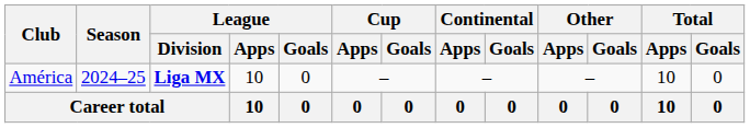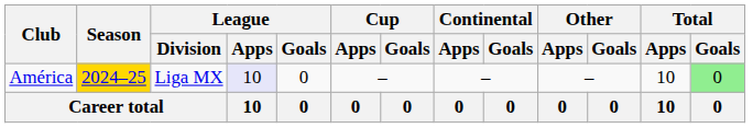 <table class="wikitable" style="text-align: center">
 <tr>
 <th rowspan="2">Club</th>
 <th rowspan="2">Season</th>
 <th colspan="3">League</th>
 <th colspan="2">Cup</th>
 <th colspan="2">Continental</th>
 <th colspan="2">Other</th>
 <th colspan="2">Total</th>
 </tr>
 <tr>
 <th>Division</th>
 <th>Apps</th>
 <th>Goals</th>
 <th>Apps</th>
 <th>Goals</th>
 <th>Apps</th>
 <th>Goals</th>
 <th>Apps</th>
 <th>Goals</th>
 <th>Apps</th>
 <th>Goals</th>
 </tr>
 <tr>
 <td><a href='#'>América</a></td>
-<td><a href='#'>2024–25</a></td>
-<td><strong><a href='#'>Liga MX</a></strong></td>
-<td>10</td>
+<td style="background: gold;"><a href='#'>2024–25</a></td>
+<td><a href='#'>Liga MX</a></td>
+<td style="background: lavender;">10</td>
 <td>0</td>
 <td colspan="2">–</td>
 <td colspan="2">–</td>
 <td colspan="2">–</td>
 <td>10</td>
-<td>0</td>
+<td style="background: lightgreen;">0</td>
 </tr>
 <tr>
 <th colspan="3">Career total</th>
 <th>10</th>
 <th>0</th>
 <th>0</th>
 <th>0</th>
 <th>0</th>
 <th>0</th>
 <th>0</th>
 <th>0</th>
 <th>10</th>
 <th>0</th>
 </tr>
 </table>
